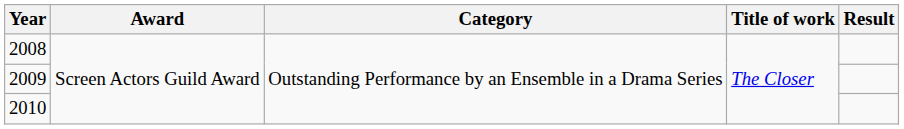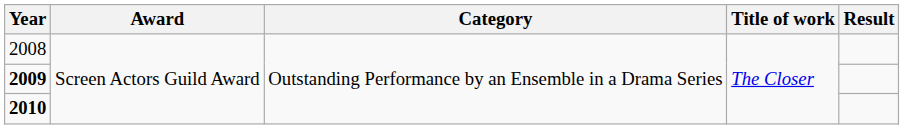 <table class="wikitable sortable">
 <tr>
 <th>Year</th>
 <th>Award</th>
 <th>Category</th>
 <th>Title of work</th>
 <th>Result</th>
 </tr>
 <tr>
 <td>2008</td>
 <td rowspan="3">Screen Actors Guild Award</td>
 <td rowspan="3">Outstanding Performance by an Ensemble in a Drama Series </td>
 <td rowspan="3"><em><a href='#'>The Closer</a></em></td>
 <td></td>
 </tr>
 <tr>
-<td>2009</td>
+<td><strong>2009</strong></td>
 <td></td>
 </tr>
 <tr>
-<td>2010</td>
+<td><strong>2010</strong></td>
 <td></td>
 </tr>
 </table>
